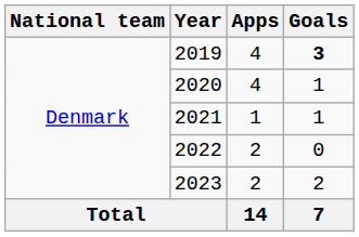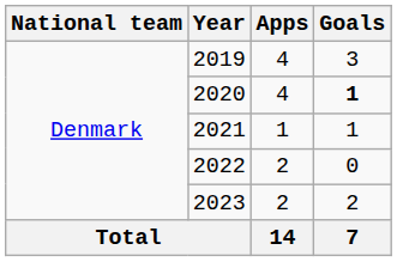 <table class=wikitable style=text-align:center>
 <tr>
 <th>National team</th>
 <th>Year</th>
 <th>Apps</th>
 <th>Goals</th>
 </tr>
 <tr>
 <td rowspan="5"><a href='#'>Denmark</a></td>
 <td>2019</td>
 <td>4</td>
-<td><strong>3</strong></td>
+<td>3</td>
 </tr>
 <tr>
 <td>2020</td>
 <td>4</td>
-<td>1</td>
+<td><strong>1</strong></td>
 </tr>
 <tr>
 <td>2021</td>
 <td>1</td>
 <td>1</td>
 </tr>
 <tr>
 <td>2022</td>
 <td>2</td>
 <td>0</td>
 </tr>
 <tr>
 <td>2023</td>
 <td>2</td>
 <td>2</td>
 </tr>
 <tr>
 <th colspan="2">Total</th>
 <th>14</th>
 <th>7</th>
 </tr>
 </table>
